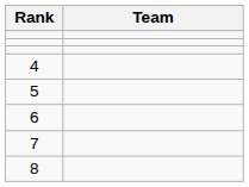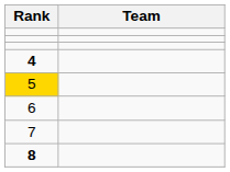 <table class="wikitable" style="text-align: center">
 <tr>
 <th width=50>Rank</th>
 <th width=170>Team</th>
 </tr>
 <tr>
 <td></td>
 <td align=left></td>
 </tr>
 <tr>
 <td></td>
 <td align=left></td>
 </tr>
 <tr>
 <td></td>
 <td align=left></td>
 </tr>
 <tr>
-<td>4</td>
+<td><strong>4</strong></td>
 <td align=left></td>
 </tr>
 <tr>
-<td>5</td>
+<td style="background: gold;">5</td>
 <td align=left></td>
 </tr>
 <tr>
 <td>6</td>
 <td align=left></td>
 </tr>
 <tr>
 <td>7</td>
 <td align=left></td>
 </tr>
 <tr>
-<td>8</td>
+<td><strong>8</strong></td>
 <td align=left></td>
 </tr>
 </table>
